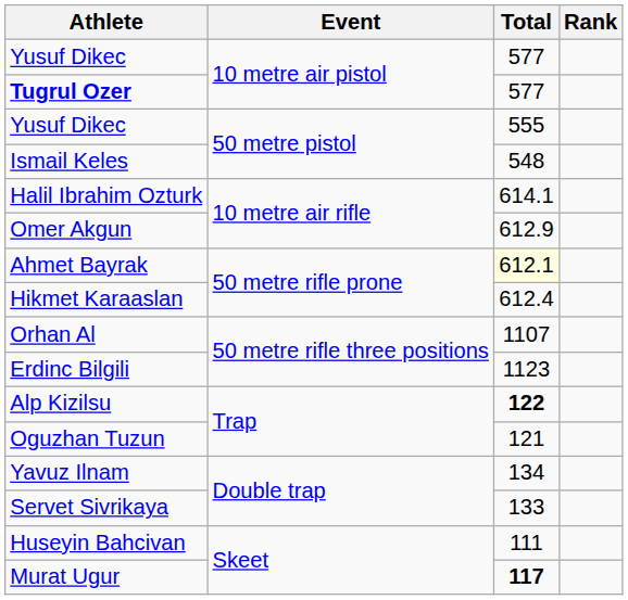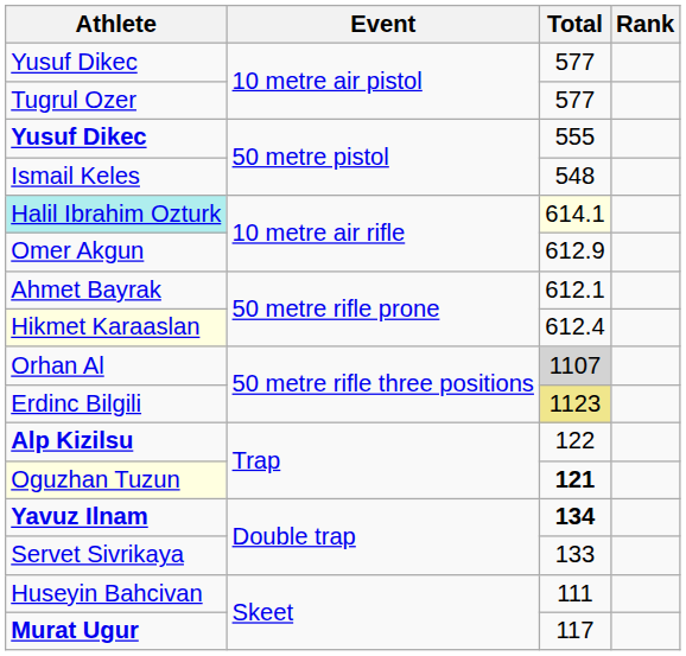 <table class="wikitable" style="text-align:center">
 <tr>
 <th>Athlete</th>
 <th>Event</th>
 <th>Total</th>
 <th>Rank</th>
 </tr>
 <tr>
 <td align=left><a href='#'>Yusuf Dikec</a></td>
 <td align=left rowspan=2><a href='#'>10 metre air pistol</a></td>
 <td>577</td>
 <td></td>
 </tr>
 <tr>
-<td align=left><strong><a href='#'>Tugrul Ozer</a></strong></td>
+<td align=left><a href='#'>Tugrul Ozer</a></td>
 <td>577</td>
 <td></td>
 </tr>
 <tr>
-<td align=left><a href='#'>Yusuf Dikec</a></td>
+<td align=left><strong><a href='#'>Yusuf Dikec</a></strong></td>
 <td align=left rowspan=2><a href='#'>50 metre pistol</a></td>
 <td>555</td>
 <td></td>
 </tr>
 <tr>
 <td align=left><a href='#'>Ismail Keles</a></td>
 <td>548</td>
 <td></td>
 </tr>
 <tr>
-<td align=left><a href='#'>Halil Ibrahim Ozturk</a></td>
+<td align=left style="background: paleturquoise;"><a href='#'>Halil Ibrahim Ozturk</a></td>
 <td align=left rowspan=2><a href='#'>10 metre air rifle</a></td>
-<td>614.1</td>
+<td style="background: lightyellow;">614.1</td>
 <td></td>
 </tr>
 <tr>
 <td align=left><a href='#'>Omer Akgun</a></td>
 <td>612.9</td>
 <td></td>
 </tr>
 <tr>
 <td align=left><a href='#'>Ahmet Bayrak</a></td>
 <td align=left rowspan=2><a href='#'>50 metre rifle prone</a></td>
-<td style="background: lightyellow;">612.1</td>
+<td>612.1</td>
 <td></td>
 </tr>
 <tr>
-<td align=left><a href='#'>Hikmet Karaaslan</a></td>
+<td align=left style="background: lightyellow;"><a href='#'>Hikmet Karaaslan</a></td>
 <td>612.4</td>
 <td></td>
 </tr>
 <tr>
 <td align=left><a href='#'>Orhan Al</a></td>
 <td align=left rowspan=2><a href='#'>50 metre rifle three positions</a></td>
-<td>1107</td>
+<td style="background: lightgrey;">1107</td>
 <td></td>
 </tr>
 <tr>
 <td align=left><a href='#'>Erdinc Bilgili</a></td>
-<td>1123</td>
+<td style="background: khaki;">1123</td>
 <td></td>
 </tr>
 <tr>
-<td align=left><a href='#'>Alp Kizilsu</a></td>
+<td align=left><strong><a href='#'>Alp Kizilsu</a></strong></td>
 <td align=left rowspan=2><a href='#'>Trap</a></td>
-<td><strong>122</strong></td>
+<td>122</td>
 <td></td>
 </tr>
 <tr>
-<td align=left><a href='#'>Oguzhan Tuzun</a></td>
-<td>121</td>
+<td align=left style="background: lightyellow;"><a href='#'>Oguzhan Tuzun</a></td>
+<td><strong>121</strong></td>
 <td></td>
 </tr>
 <tr>
-<td align=left><a href='#'>Yavuz Ilnam</a></td>
+<td align=left><strong><a href='#'>Yavuz Ilnam</a></strong></td>
 <td align=left rowspan=2><a href='#'>Double trap</a></td>
-<td>134</td>
+<td><strong>134</strong></td>
 <td></td>
 </tr>
 <tr>
 <td align=left><a href='#'>Servet Sivrikaya</a></td>
 <td>133</td>
 <td></td>
 </tr>
 <tr>
 <td align=left><a href='#'>Huseyin Bahcivan</a></td>
 <td align=left rowspan=2><a href='#'>Skeet</a></td>
 <td>111</td>
 <td></td>
 </tr>
 <tr>
-<td align=left><a href='#'>Murat Ugur</a></td>
-<td><strong>117</strong></td>
+<td align=left><strong><a href='#'>Murat Ugur</a></strong></td>
+<td>117</td>
 <td></td>
 </tr>
 </table>
